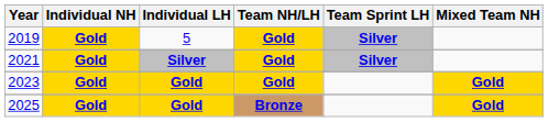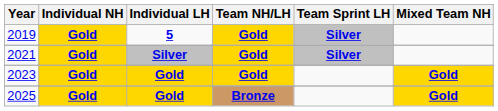 <table class="wikitable" "text-align:center;">
 <tr>
 <th>Year</th>
 <th>Individual NH</th>
 <th>Individual LH</th>
 <th>Team NH/LH</th>
 <th>Team Sprint LH</th>
 <th>Mixed Team NH</th>
 </tr>
 <tr align=center>
 <td><a href='#'>2019</a></td>
 <td style="background:gold;"><a href='#'><strong>Gold</strong></a></td>
-<td><a href='#'>5</a></td>
+<td><strong><a href='#'>5</a></strong></td>
 <td style="background:gold;"><a href='#'><strong>Gold</strong></a></td>
 <td style="background:silver;"><a href='#'><strong>Silver</strong></a></td>
 <td></td>
 </tr>
 <tr>
 </tr>
 <tr align=center>
 <td><a href='#'>2021</a></td>
 <td style="background:gold;"><a href='#'><strong>Gold</strong></a></td>
 <td style="background:silver;"><a href='#'><strong>Silver</strong></a></td>
 <td style="background:gold;"><a href='#'><strong>Gold</strong></a></td>
 <td style="background:silver;"><a href='#'><strong>Silver</strong></a></td>
 <td></td>
 </tr>
 <tr>
 </tr>
 <tr align=center>
 <td><a href='#'>2023</a></td>
 <td style="background:gold;"><a href='#'><strong>Gold</strong></a></td>
 <td style="background:gold;"><a href='#'><strong>Gold</strong></a></td>
 <td style="background:gold;"><a href='#'><strong>Gold</strong></a></td>
 <td></td>
 <td style="background:gold;"><a href='#'><strong>Gold</strong></a></td>
 </tr>
 <tr>
 </tr>
 <tr align=center>
 <td><a href='#'>2025</a></td>
 <td style="background:gold;"><a href='#'><strong>Gold</strong></a></td>
 <td style="background:gold;"><a href='#'><strong>Gold</strong></a></td>
 <td style="background:#c96;"><a href='#'><strong>Bronze</strong></a></td>
 <td></td>
 <td style="background:gold;"><a href='#'><strong>Gold</strong></a></td>
 </tr>
 </table>
